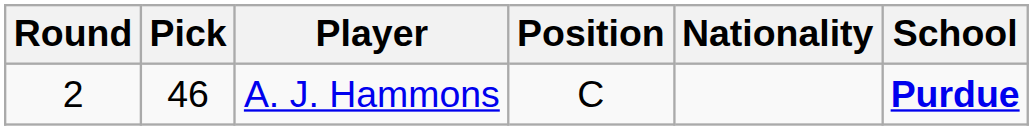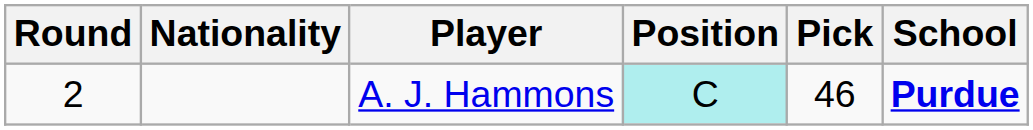 <table class="wikitable sortable sortable">
 <tr>
 <th>Round</th>
-<th>Pick</th>
+<th>Nationality</th>
 <th>Player</th>
 <th>Position</th>
-<th>Nationality</th>
+<th>Pick</th>
 <th>School</th>
 </tr>
 <tr style="text-align: center">
 <td>2</td>
+<td></td>
+<td><a href='#'>A. J. Hammons</a></td>
+<td style="background: paleturquoise;">C</td>
 <td>46</td>
-<td><a href='#'>A. J. Hammons</a></td>
-<td>C</td>
-<td></td>
 <td><strong><a href='#'>Purdue</a></strong></td>
 </tr>
 </table>
